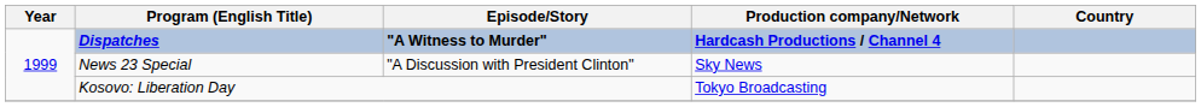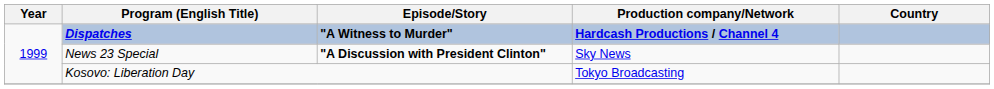 <table class="wikitable" width="100%" border="1" cellpadding="5" cellspacing="0">
 <tr>
 <th width=5%>Year</th>
 <th width=22%>Program (English Title)</th>
 <th width=22%>Episode/Story</th>
 <th width=23%><strong>Production company/Network</strong></th>
 <th width=13%><strong>Country</strong></th>
 </tr>
 <tr>
 <td rowspan="3" style="text-align:center;"><a href='#'>1999</a><br></td>
 <td style="background:#B0C4DE;"><strong><em><a href='#'>Dispatches</a></em></strong></td>
 <td style="background:#B0C4DE;"><strong>"A Witness to Murder"</strong></td>
 <td style="background:#B0C4DE;"><strong><a href='#'>Hardcash Productions</a> / <a href='#'>Channel 4</a></strong></td>
 <td style="background:#B0C4DE;"><strong></strong></td>
 </tr>
 <tr>
 <td><em>News 23 Special</em></td>
-<td>"A Discussion with President Clinton"</td>
+<td><strong>"A Discussion with President Clinton"</strong></td>
 <td><a href='#'>Sky News</a></td>
 <td></td>
 </tr>
 <tr>
 <td colspan="2"><em>Kosovo: Liberation Day</em></td>
 <td><a href='#'>Tokyo Broadcasting</a></td>
 <td></td>
 </tr>
 <tr>
 </tr>
 </table>
